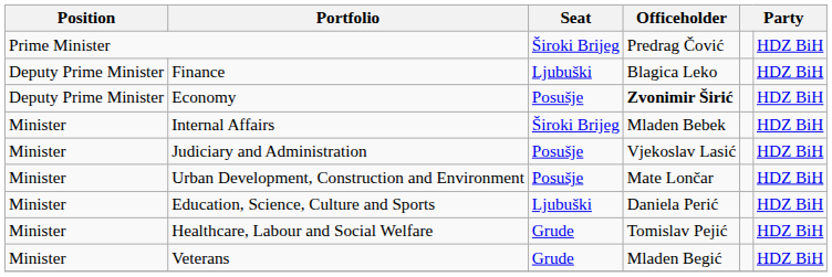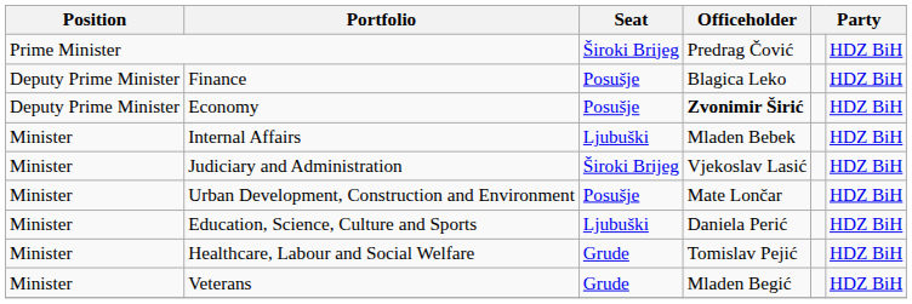 <table class="wikitable">
 <tr>
 <th>Position</th>
 <th>Portfolio</th>
 <th>Seat</th>
 <th>Officeholder</th>
 <th colspan=2>Party</th>
 </tr>
 <tr>
 <td colspan=2>Prime Minister</td>
 <td><a href='#'>Široki Brijeg</a></td>
 <td>Predrag Čović</td>
 <td width=5px style="background-color:"></td>
 <td><a href='#'>HDZ BiH</a></td>
 </tr>
 <tr>
 <td>Deputy Prime Minister</td>
 <td>Finance</td>
-<td><a href='#'>Ljubuški</a></td>
+<td><a href='#'>Posušje</a></td>
 <td>Blagica Leko</td>
 <td width=5px style="background-color:"></td>
 <td><a href='#'>HDZ BiH</a></td>
 </tr>
 <tr>
 <td>Deputy Prime Minister</td>
 <td>Economy</td>
 <td><a href='#'>Posušje</a></td>
 <td><strong>Zvonimir Širić</strong></td>
 <td width=5px style="background-color:"></td>
 <td><a href='#'>HDZ BiH</a></td>
 </tr>
 <tr>
 <td>Minister</td>
 <td>Internal Affairs</td>
-<td><a href='#'>Široki Brijeg</a></td>
+<td><a href='#'>Ljubuški</a></td>
 <td>Mladen Bebek</td>
 <td width=5px style="background-color:"></td>
 <td><a href='#'>HDZ BiH</a></td>
 </tr>
 <tr>
 <td>Minister</td>
 <td>Judiciary and Administration</td>
-<td><a href='#'>Posušje</a></td>
+<td><a href='#'>Široki Brijeg</a></td>
 <td>Vjekoslav Lasić</td>
 <td width=5px style="background-color:"></td>
 <td><a href='#'>HDZ BiH</a></td>
 </tr>
 <tr>
 <td>Minister</td>
 <td>Urban Development, Construction and Environment</td>
 <td><a href='#'>Posušje</a></td>
 <td>Mate Lončar</td>
 <td width=5px style="background-color:"></td>
 <td><a href='#'>HDZ BiH</a></td>
 </tr>
 <tr>
 <td>Minister</td>
 <td>Education, Science, Culture and Sports</td>
 <td><a href='#'>Ljubuški</a></td>
 <td>Daniela Perić</td>
 <td width=5px style="background-color:"></td>
 <td><a href='#'>HDZ BiH</a></td>
 </tr>
 <tr>
 <td>Minister</td>
 <td>Healthcare, Labour and Social Welfare</td>
 <td><a href='#'>Grude</a></td>
 <td>Tomislav Pejić</td>
 <td width=5px style="background-color:"></td>
 <td><a href='#'>HDZ BiH</a></td>
 </tr>
 <tr>
 <td>Minister</td>
 <td>Veterans</td>
 <td><a href='#'>Grude</a></td>
 <td>Mladen Begić</td>
 <td width=5px style="background-color:"></td>
 <td><a href='#'>HDZ BiH</a></td>
 </tr>
 <tr>
 </tr>
 </table>
